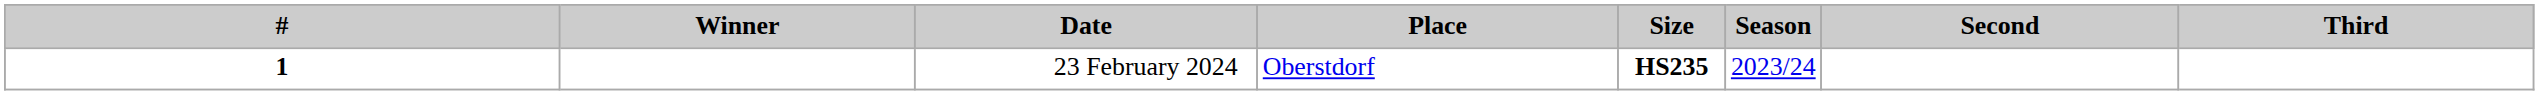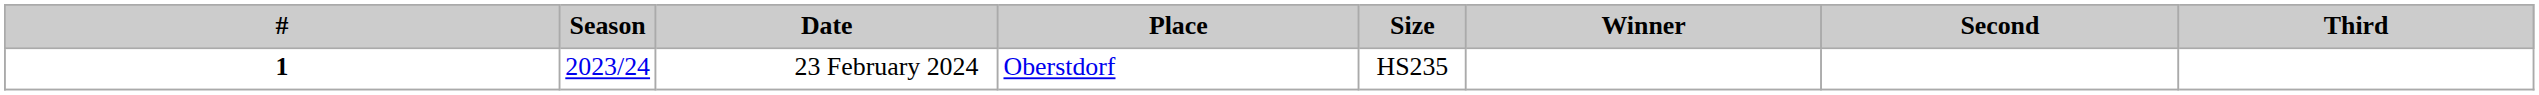 <table class="wikitable plainrowheaders" style="background:#fff; font-size:86%; width:85%; line-height:16px; border:grey solid 1px; border-collapse:collapse;">
 <tr style="background:#ccc; text-align:center;">
 <th scope="col" style="background:#ccc; width=40px;">#</th>
-<th scope="col" style="background:#ccc; width:183px;">Winner</th>
+<th scope="col" style="background:#ccc; width:30px;">Season</th>
 <th scope="col" style="background:#ccc; width:175px;">Date</th>
 <th scope="col" style="background:#ccc; width:186px;">Place</th>
 <th scope="col" style="background:#ccc; width:50px;">Size</th>
-<th scope="col" style="background:#ccc; width:30px;">Season</th>
+<th scope="col" style="background:#ccc; width:183px;">Winner</th>
 <th scope="col" style="background:#ccc; width:183px;">Second</th>
 <th scope="col" style="background:#ccc; width:183px;">Third</th>
 </tr>
 <tr>
 <td style="text-align:center;"><strong>1</strong></td>
-<td></td>
+<td style="text-align:center"><a href='#'>2023/24</a></td>
 <td style="text-align:right;">23 February 2024  </td>
 <td> <a href='#'>Oberstdorf</a></td>
-<td style="text-align:center;"><strong>HS235</strong></td>
-<td style="text-align:center"><a href='#'>2023/24</a></td>
+<td style="text-align:center;">HS235</td>
+<td></td>
 <td></td>
 <td></td>
 </tr>
 </table>
